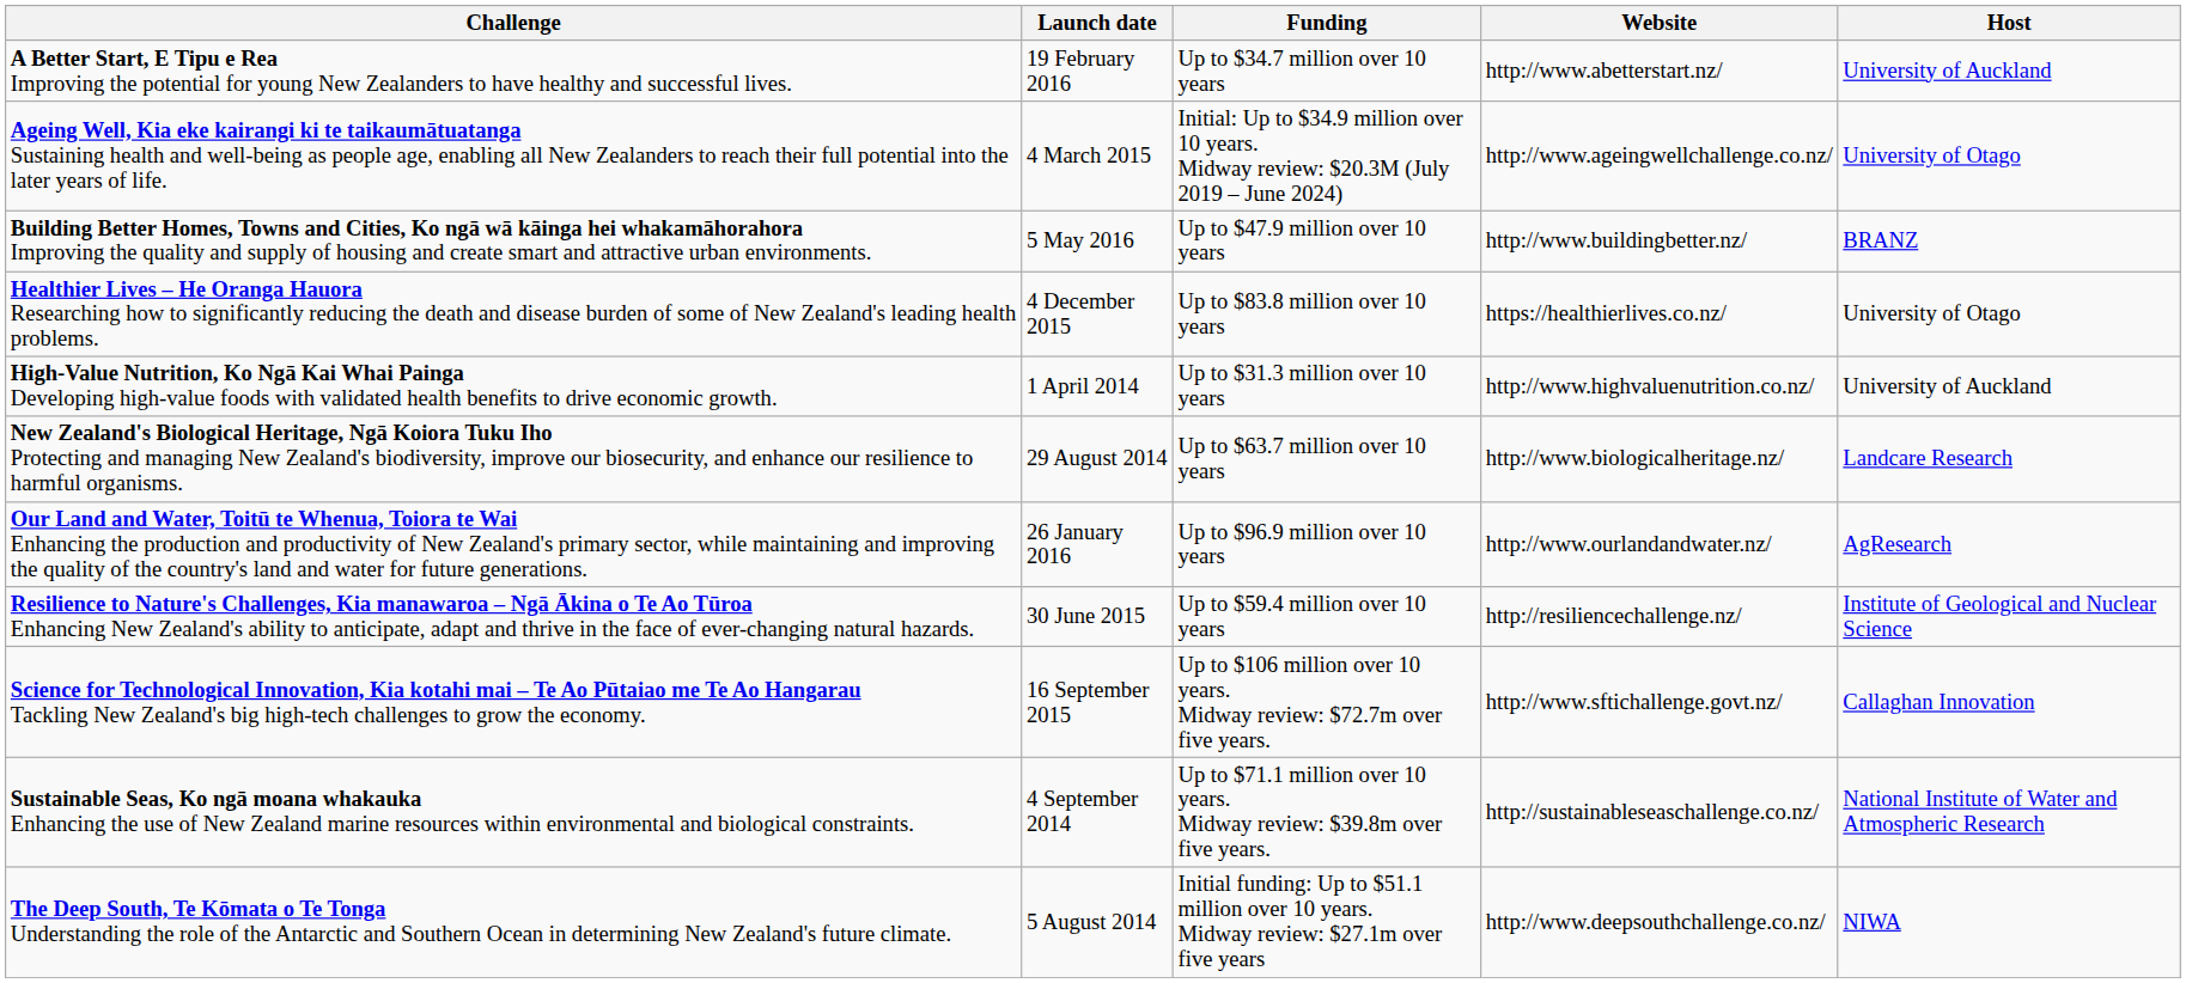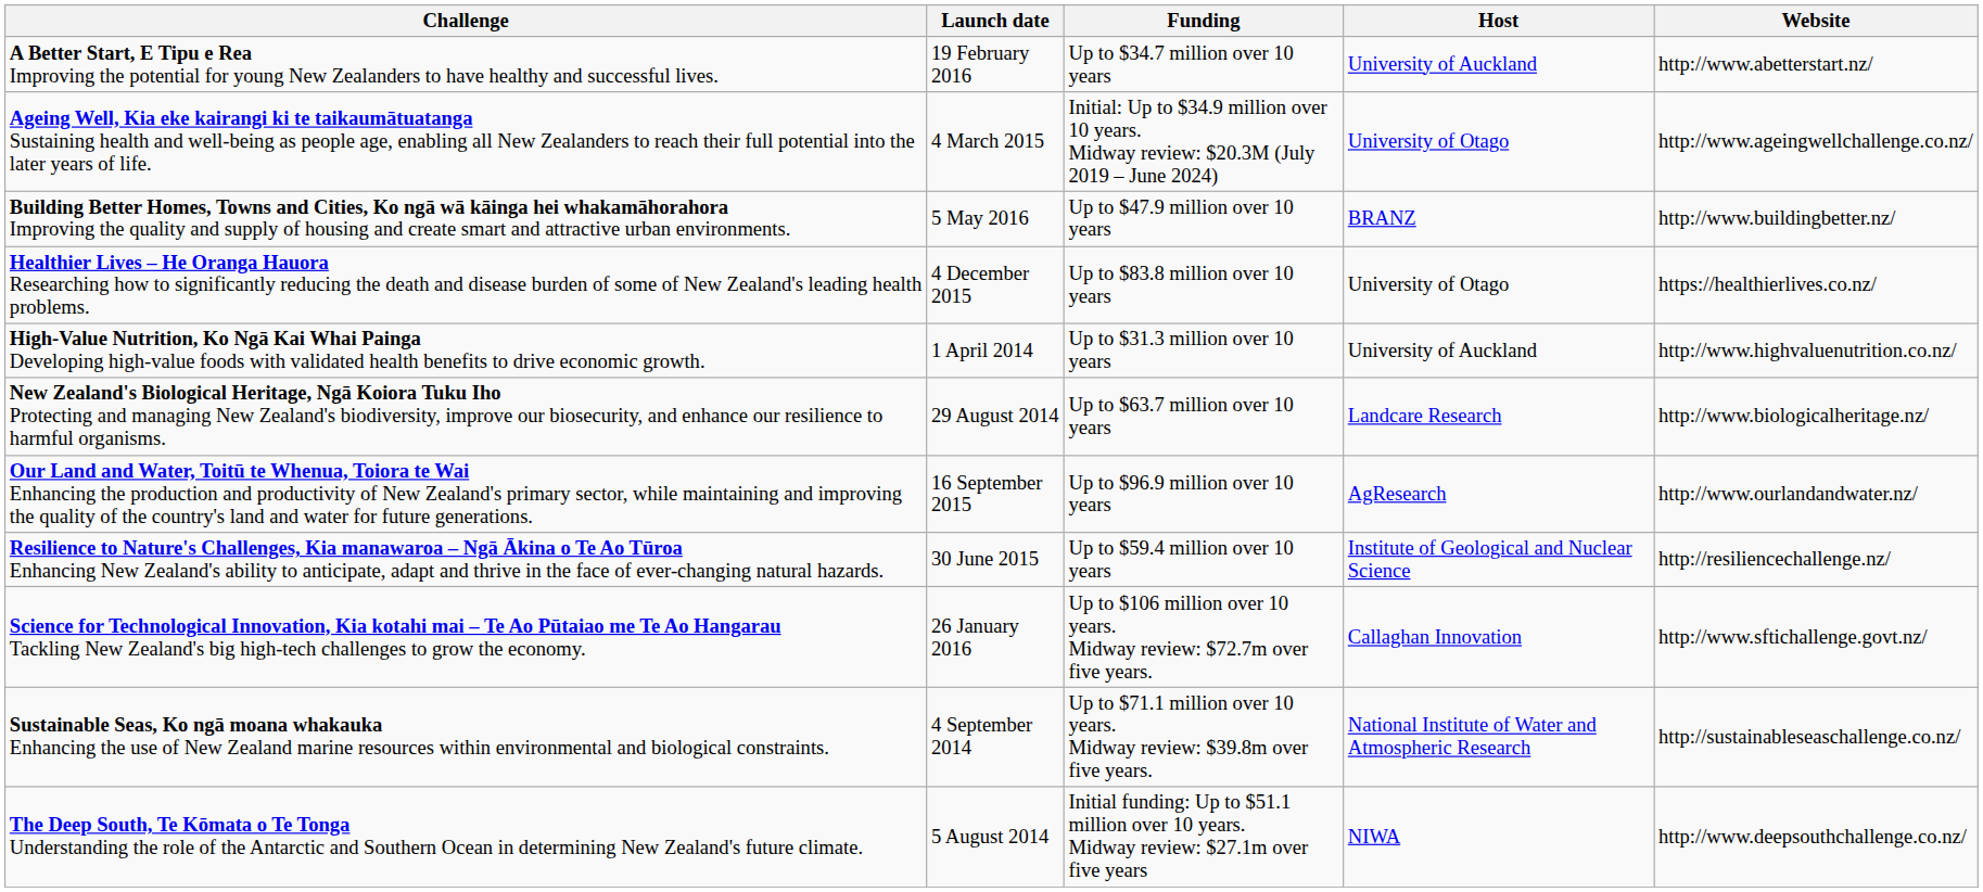 <table class="wikitable">
 <tr>
 <th>Challenge</th>
 <th>Launch date</th>
 <th>Funding</th>
+<th>Host</th>
 <th>Website</th>
-<th>Host</th>
 </tr>
 <tr>
 <td><strong>A Better Start, E Tipu e Rea</strong><br>Improving the potential for young New Zealanders to have healthy and successful lives.</td>
 <td>19 February 2016</td>
 <td>Up to $34.7 million over 10 years</td>
+<td><a href='#'>University of Auckland</a></td>
 <td>http://www.abetterstart.nz/</td>
-<td><a href='#'>University of Auckland</a></td>
 </tr>
 <tr>
 <td><strong><a href='#'>Ageing Well, Kia eke kairangi ki te taikaumātuatanga</a></strong><br>Sustaining health and well-being as people age, enabling all New Zealanders to reach their full potential into the later years of life.</td>
 <td>4 March 2015</td>
 <td>Initial: Up to $34.9 million over 10 years.<br>Midway review: $20.3M  (July 2019 – June 2024)</td>
+<td><a href='#'>University of Otago</a></td>
 <td>http://www.ageingwellchallenge.co.nz/ </td>
-<td><a href='#'>University of Otago</a></td>
 </tr>
 <tr>
 <td><strong>Building Better Homes, Towns and Cities, Ko ngā wā kāinga hei whakamāhorahora</strong><br>Improving the quality and supply of housing and create smart and attractive urban environments.</td>
 <td>5 May 2016</td>
 <td>Up to $47.9 million over 10 years</td>
+<td><a href='#'>BRANZ</a></td>
 <td>http://www.buildingbetter.nz/ </td>
-<td><a href='#'>BRANZ</a></td>
 </tr>
 <tr>
 <td><strong><a href='#'>Healthier Lives – He Oranga Hauora</a></strong><br>Researching how to significantly reducing the death and disease burden of some of New Zealand's leading health problems.</td>
 <td>4 December 2015</td>
 <td>Up to $83.8 million over 10 years</td>
+<td>University of Otago</td>
 <td>https://healthierlives.co.nz/</td>
-<td>University of Otago</td>
 </tr>
 <tr>
 <td><strong>High-Value Nutrition, Ko Ngā Kai Whai Painga</strong><br>Developing high-value foods with validated health benefits to drive economic growth.</td>
 <td>1 April 2014</td>
 <td>Up to $31.3 million over 10 years</td>
+<td>University of Auckland</td>
 <td>http://www.highvaluenutrition.co.nz/</td>
-<td>University of Auckland</td>
 </tr>
 <tr>
 <td><strong>New Zealand's Biological Heritage, Ngā Koiora Tuku Iho</strong><br>Protecting and managing New Zealand's biodiversity, improve our biosecurity, and enhance our resilience to harmful organisms.</td>
 <td>29 August 2014</td>
 <td>Up to $63.7 million over 10 years</td>
+<td><a href='#'>Landcare Research</a></td>
 <td>http://www.biologicalheritage.nz/</td>
-<td><a href='#'>Landcare Research</a></td>
 </tr>
 <tr>
 <td><strong><a href='#'>Our Land and Water, Toitū te Whenua, Toiora te Wai</a></strong><br>Enhancing the production and productivity of New Zealand's primary sector, while maintaining and improving the quality of the country's land and water for future generations.</td>
-<td>26 January 2016</td>
+<td>16 September 2015</td>
 <td>Up to $96.9 million over 10 years</td>
+<td><a href='#'>AgResearch</a></td>
 <td>http://www.ourlandandwater.nz/</td>
-<td><a href='#'>AgResearch</a></td>
 </tr>
 <tr>
 <td><strong><a href='#'>Resilience to Nature's Challenges, Kia manawaroa – Ngā Ākina o Te Ao Tūroa</a></strong><br>Enhancing New Zealand's ability to anticipate, adapt and thrive in the face of ever-changing natural hazards.</td>
 <td>30 June 2015</td>
 <td>Up to $59.4 million over 10 years</td>
+<td><a href='#'>Institute of Geological and Nuclear Science</a></td>
 <td>http://resiliencechallenge.nz/</td>
-<td><a href='#'>Institute of Geological and Nuclear Science</a></td>
 </tr>
 <tr>
 <td><strong><a href='#'>Science for Technological Innovation, Kia kotahi mai – Te Ao Pūtaiao me Te Ao Hangarau</a></strong><br>Tackling New Zealand's big high-tech challenges to grow the economy.</td>
-<td>16 September 2015</td>
+<td>26 January 2016</td>
 <td>Up to $106 million over 10 years.<br>Midway review: $72.7m over five years.</td>
+<td><a href='#'>Callaghan Innovation</a></td>
 <td>http://www.sftichallenge.govt.nz/</td>
-<td><a href='#'>Callaghan Innovation</a></td>
 </tr>
 <tr>
 <td><strong>Sustainable Seas, Ko ngā moana whakauka</strong><br>Enhancing the use of New Zealand marine resources within environmental and biological constraints.</td>
 <td>4 September 2014</td>
 <td>Up to $71.1 million over 10 years.<br>Midway review: $39.8m over five years.</td>
+<td><a href='#'>National Institute of Water and Atmospheric Research</a></td>
 <td>http://sustainableseaschallenge.co.nz/</td>
-<td><a href='#'>National Institute of Water and Atmospheric Research</a></td>
 </tr>
 <tr>
 <td><strong><a href='#'>The Deep South, Te Kōmata o Te Tonga</a></strong><br>Understanding the role of the Antarctic and Southern Ocean in determining New Zealand's future climate.</td>
 <td>5 August 2014</td>
 <td>Initial funding: Up to $51.1 million over 10 years.<br>Midway review: $27.1m over five years</td>
+<td><a href='#'>NIWA</a></td>
 <td>http://www.deepsouthchallenge.co.nz/</td>
-<td><a href='#'>NIWA</a></td>
 </tr>
 </table>
